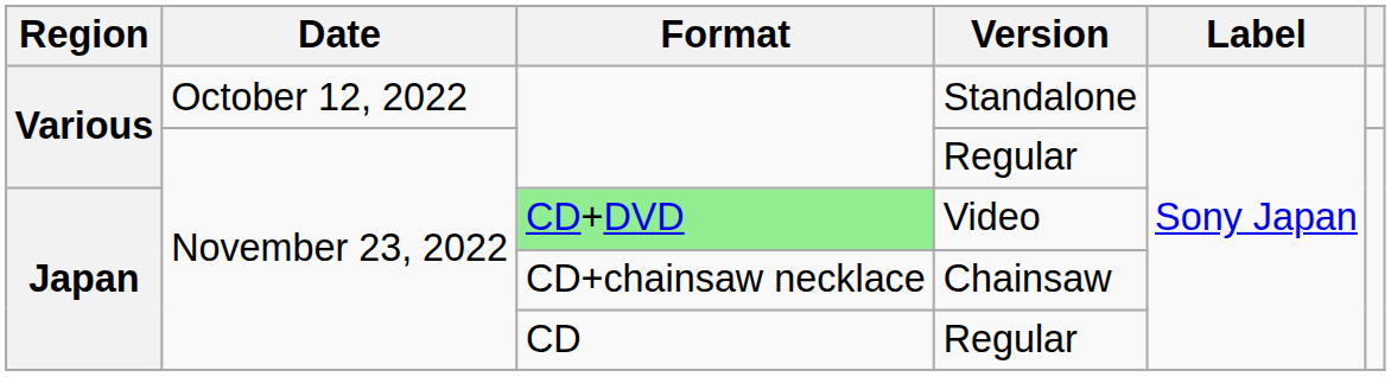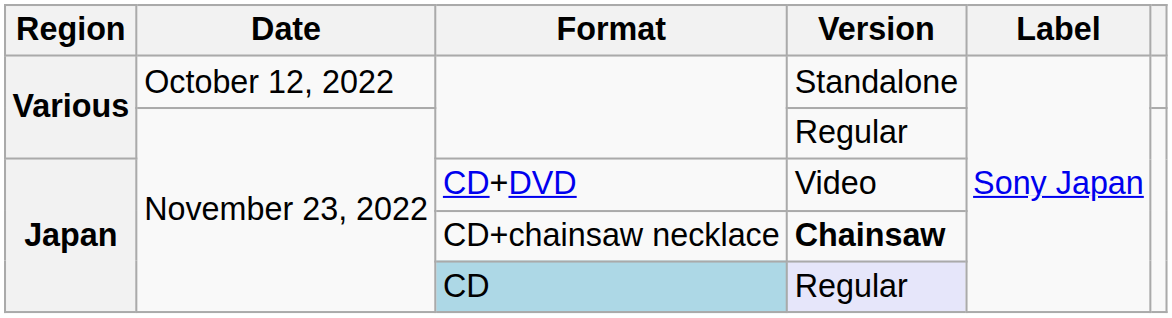 <table class="wikitable plainrowheaders">
 <tr>
 <th scope="col">Region</th>
 <th scope="col">Date</th>
 <th scope="col">Format</th>
 <th scope="col">Version</th>
 <th scope="col">Label</th>
 <th scope="col"></th>
 </tr>
 <tr>
 <th scope="row" rowspan="2">Various</th>
 <td>October 12, 2022</td>
 <td rowspan="2"></td>
 <td>Standalone</td>
 <td rowspan="5"><a href='#'>Sony Japan</a></td>
 <td style="text-align:center"></td>
 </tr>
 <tr>
 <td rowspan="4">November 23, 2022</td>
 <td>Regular</td>
 <td style="text-align:center" rowspan="4"></td>
 </tr>
 <tr>
 <th scope="row" rowspan="3">Japan</th>
-<td style="background: lightgreen;"><a href='#'>CD</a>+<a href='#'>DVD</a></td>
+<td><a href='#'>CD</a>+<a href='#'>DVD</a></td>
 <td>Video</td>
 </tr>
 <tr>
 <td>CD+chainsaw necklace</td>
-<td>Chainsaw</td>
+<td><strong>Chainsaw</strong></td>
 </tr>
 <tr>
-<td>CD</td>
-<td>Regular</td>
+<td style="background: lightblue;">CD</td>
+<td style="background: lavender;">Regular</td>
 </tr>
 </table>
